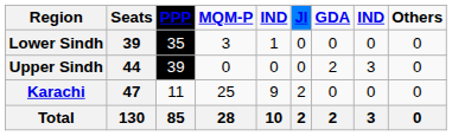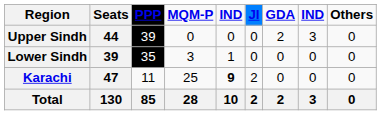 <table class="wikitable sortable" style="text-align:center;">
 <tr>
 <th>Region</th>
 <th>Seats</th>
 <td style="background:#000000;"><a href='#'><span><strong>PPP</strong></span></a></td>
 <td style="background:"><a href='#'><span><strong>MQM-P</strong></span></a></td>
 <td style="background:"><a href='#'><span><strong>IND</strong></span></a></td>
 <td style="background:#0080ff;"><a href='#'><span><strong>JI</strong></span></a></td>
 <td style="background:"><a href='#'><span><strong>GDA</strong></span></a></td>
 <td><a href='#'><span><strong>IND</strong></span></a></td>
 <td><span><strong>Others</strong></span></td>
 </tr>
 <tr>
+<th>Upper Sindh</th>
+<th>44</th>
+<td style="background:#000000 ; color:white;">39</td>
+<td>0</td>
+<td>0</td>
+<td>0</td>
+<td>2</td>
+<td>3</td>
+<td>0</td>
+</tr>
+<tr>
 <th>Lower Sindh</th>
 <th>39</th>
 <td style="background:#000000 ; color:white;">35</td>
 <td>3</td>
 <td>1</td>
 <td>0</td>
 <td>0</td>
 <td>0</td>
 <td>0</td>
 </tr>
 <tr>
-<th>Upper Sindh</th>
-<th>44</th>
-<td style="background:#000000 ; color:white;">39</td>
-<td>0</td>
-<td>0</td>
-<td>0</td>
-<td>2</td>
-<td>3</td>
-<td>0</td>
-</tr>
-<tr>
 <th><a href='#'>Karachi</a></th>
 <th>47</th>
 <td>11</td>
 <td style="background:">25</td>
-<td>9</td>
+<td><strong>9</strong></td>
 <td>2</td>
 <td>0</td>
 <td>0</td>
 <td>0</td>
 </tr>
 <tr>
 <th>Total</th>
 <th>130</th>
 <th>85</th>
 <th>28</th>
 <th>10</th>
 <th>2</th>
 <th>2</th>
 <th>3</th>
 <th>0</th>
 </tr>
 </table>
